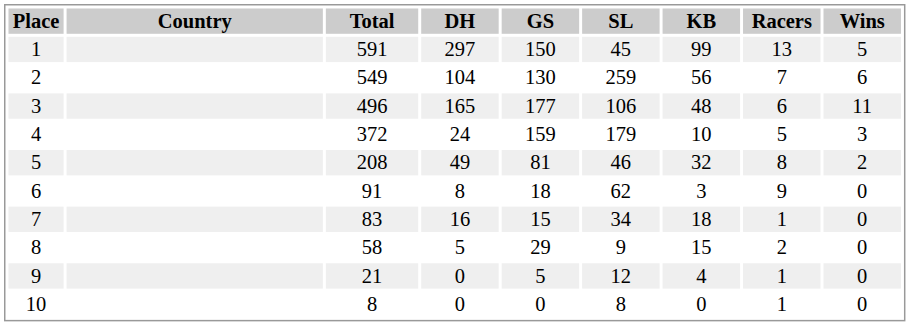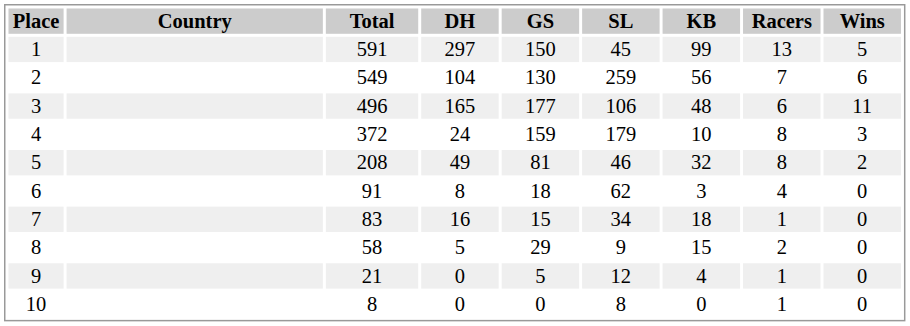 <table border="0" style="border: 1px solid #999; background-color:#FFFFFF; text-align:center; font-size:86%; line-height:15px;">
 <tr align="center" bgcolor="#CCCCCC">
 <th width=35>Place</th>
 <th width=170>Country</th>
 <th width=60>Total</th>
 <th width=50>DH</th>
 <th width=50>GS</th>
 <th width=50>SL</th>
 <th width=50>KB</th>
 <th width=50>Racers</th>
 <th width=50>Wins</th>
 </tr>
 <tr bgcolor="#EFEFEF">
 <td>1</td>
 <td align="left"></td>
 <td>591</td>
 <td>297</td>
 <td>150</td>
 <td>45</td>
 <td>99</td>
 <td>13</td>
 <td>5</td>
 </tr>
 <tr>
 <td>2</td>
 <td align="left"></td>
 <td>549</td>
 <td>104</td>
 <td>130</td>
 <td>259</td>
 <td>56</td>
 <td>7</td>
 <td>6</td>
 </tr>
 <tr bgcolor="#EFEFEF">
 <td>3</td>
 <td align="left"></td>
 <td>496</td>
 <td>165</td>
 <td>177</td>
 <td>106</td>
 <td>48</td>
 <td>6</td>
 <td>11</td>
 </tr>
 <tr>
 <td>4</td>
 <td align="left"></td>
 <td>372</td>
 <td>24</td>
 <td>159</td>
 <td>179</td>
 <td>10</td>
-<td>5</td>
+<td>8</td>
 <td>3</td>
 </tr>
 <tr bgcolor="#EFEFEF">
 <td>5</td>
 <td align="left"></td>
 <td>208</td>
 <td>49</td>
 <td>81</td>
 <td>46</td>
 <td>32</td>
 <td>8</td>
 <td>2</td>
 </tr>
 <tr>
 <td>6</td>
 <td align="left"></td>
 <td>91</td>
 <td>8</td>
 <td>18</td>
 <td>62</td>
 <td>3</td>
-<td>9</td>
+<td>4</td>
 <td>0</td>
 </tr>
 <tr bgcolor="#EFEFEF">
 <td>7</td>
 <td align="left"></td>
 <td>83</td>
 <td>16</td>
 <td>15</td>
 <td>34</td>
 <td>18</td>
 <td>1</td>
 <td>0</td>
 </tr>
 <tr>
 <td>8</td>
 <td align="left"></td>
 <td>58</td>
 <td>5</td>
 <td>29</td>
 <td>9</td>
 <td>15</td>
 <td>2</td>
 <td>0</td>
 </tr>
 <tr bgcolor="#EFEFEF">
 <td>9</td>
 <td align="left"></td>
 <td>21</td>
 <td>0</td>
 <td>5</td>
 <td>12</td>
 <td>4</td>
 <td>1</td>
 <td>0</td>
 </tr>
 <tr>
 <td>10</td>
 <td align="left"></td>
 <td>8</td>
 <td>0</td>
 <td>0</td>
 <td>8</td>
 <td>0</td>
 <td>1</td>
 <td>0</td>
 </tr>
 </table>
